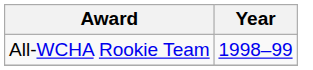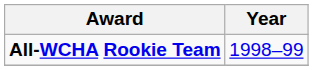 <table class="wikitable">
 <tr>
 <th>Award</th>
 <th>Year</th>
 </tr>
 <tr>
-<td>All-<a href='#'>WCHA</a> <a href='#'>Rookie Team</a></td>
+<td><strong>All-<a href='#'>WCHA</a> <a href='#'>Rookie Team</a></strong></td>
 <td><a href='#'>1998–99</a></td>
 </tr>
 <tr>
 </tr>
 </table>
